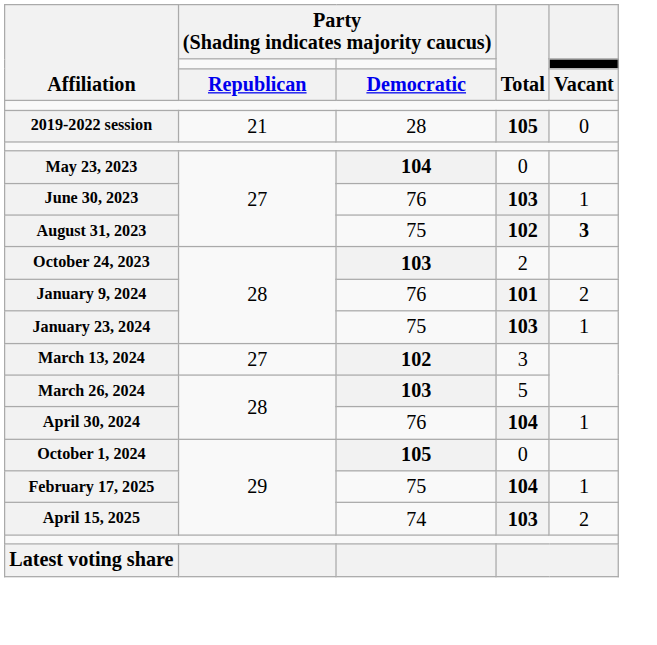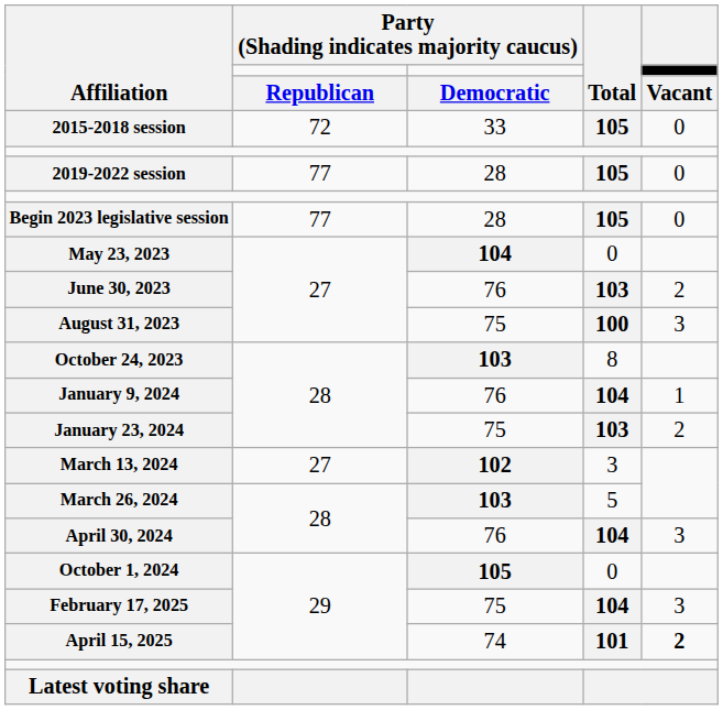 <table class=wikitable style="text-align:center">
 <tr style="vertical-align:bottom;">
 <th rowspan=3>Affiliation</th>
 <th colspan=2>Party <div>(Shading indicates majority caucus)</div></th>
 <th rowspan=3>Total</th>
 <th></th>
 </tr>
 <tr style="height:5px">
 <td style="background-color:"></td>
 <td style="background-color:"></td>
 <td style="background:black;"></td>
 </tr>
 <tr>
 <th><a href='#'>Republican</a></th>
 <th><a href='#'>Democratic</a></th>
 <th>Vacant</th>
 </tr>
 <tr>
+<th nowrap style="font-size:80%">2015-2018 session</th>
+<td>72</td>
+<td>33</td>
+<th>105</th>
+<td>0</td>
+</tr>
+<tr>
 <td colspan=5></td>
 </tr>
 <tr>
 <th nowrap style="font-size:80%">2019-2022 session</th>
-<td>21</td>
+<td>77</td>
 <td>28</td>
 <th>105</th>
 <td>0</td>
 </tr>
 <tr>
 <td colspan=5></td>
+</tr>
+<tr>
+<th nowrap style="font-size:80%">Begin 2023 legislative session</th>
+<td>77</td>
+<td>28</td>
+<th>105</th>
+<td>0</td>
 </tr>
 <tr>
 <th nowrap style="font-size:80%">May 23, 2023</th>
 <td rowspan=3>27</td>
 <th>104</th>
 <td>0</td>
 </tr>
 <tr>
 <th nowrap style="font-size:80%">June 30, 2023</th>
 <td>76</td>
 <th>103</th>
-<td>1</td>
+<td>2</td>
 </tr>
 <tr>
 <th nowrap style="font-size:80%">August 31, 2023</th>
 <td>75</td>
-<th>102</th>
-<td><strong>3</strong></td>
+<th>100</th>
+<td>3</td>
 </tr>
 <tr>
 <th nowrap style="font-size:80%">October 24, 2023</th>
 <td rowspan=3>28</td>
 <th>103</th>
-<td>2</td>
+<td>8</td>
 </tr>
 <tr>
 <th nowrap style="font-size:80%">January 9, 2024</th>
 <td>76</td>
-<th>101</th>
-<td>2</td>
+<th>104</th>
+<td>1</td>
 </tr>
 <tr>
 <th nowrap style="font-size:80%">January 23, 2024</th>
 <td>75</td>
 <th>103</th>
-<td>1</td>
+<td>2</td>
 </tr>
 <tr>
 <th nowrap style="font-size:80%">March 13, 2024</th>
 <td>27</td>
 <th>102</th>
 <td>3</td>
 </tr>
 <tr>
 <th nowrap style="font-size:80%">March 26, 2024</th>
 <td rowspan=2>28</td>
 <th>103</th>
 <td>5</td>
 </tr>
 <tr>
 <th nowrap style="font-size:80%">April 30, 2024</th>
 <td>76</td>
 <th>104</th>
-<td>1</td>
+<td>3</td>
 </tr>
 <tr>
 <th nowrap style="font-size:80%">October 1, 2024</th>
 <td rowspan=3>29</td>
 <th>105</th>
 <td>0</td>
 </tr>
 <tr>
 <th nowrap style="font-size:80%">February 17, 2025</th>
 <td>75</td>
 <th>104</th>
-<td>1</td>
+<td>3</td>
 </tr>
 <tr>
 <th nowrap style="font-size:80%">April 15, 2025</th>
 <td>74</td>
-<th>103</th>
-<td>2</td>
+<th>101</th>
+<td><strong>2</strong></td>
 </tr>
 <tr>
 <td colspan=5></td>
 </tr>
 <tr>
 <th>Latest voting share</th>
 <th></th>
 <th></th>
 <th colspan=2></th>
 </tr>
 </table>
